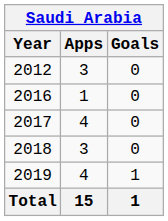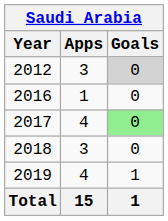 <table class="wikitable" style="text-align:center">
 <tr>
 <th colspan=3><a href='#'>Saudi Arabia</a></th>
 </tr>
 <tr>
 <th>Year</th>
 <th>Apps</th>
 <th>Goals</th>
 </tr>
 <tr>
 <td>2012</td>
 <td>3</td>
-<td>0</td>
+<td style="background: lightgrey;">0</td>
 </tr>
 <tr>
 <td>2016</td>
 <td>1</td>
 <td>0</td>
 </tr>
 <tr>
 <td>2017</td>
 <td>4</td>
-<td>0</td>
+<td style="background: lightgreen;">0</td>
 </tr>
 <tr>
 <td>2018</td>
 <td>3</td>
 <td>0</td>
 </tr>
 <tr>
 <td>2019</td>
 <td>4</td>
 <td>1</td>
 </tr>
 <tr>
 <th>Total</th>
 <th>15</th>
 <th>1</th>
 </tr>
 </table>
